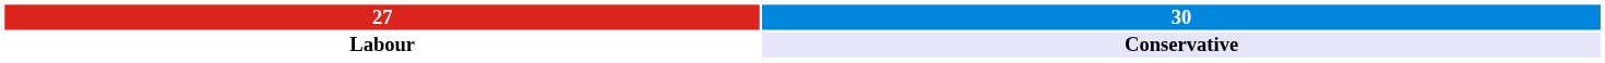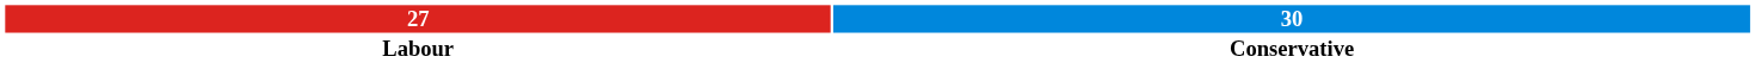 <table style="width:100%; text-align:center;">
 <tr style="color:white;">
 <td style="background:#dc241f; width:47.4;"><strong>27</strong></td>
 <td style="background:#0087dc; width:52.6%;"><strong>30</strong></td>
 </tr>
 <tr>
 <td><span><strong>Labour</strong></span></td>
-<td style="background: lavender;"><span><strong>Conservative</strong></span></td>
+<td><span><strong>Conservative</strong></span></td>
 </tr>
 </table>
